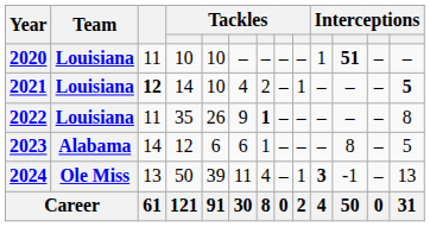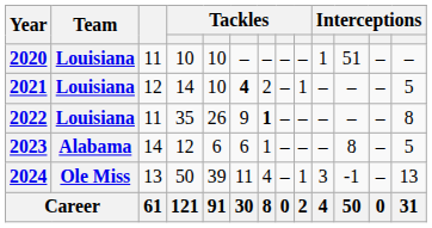 <table class="wikitable" style="text-align:center;">
 <tr>
 <th rowspan="2">Year</th>
 <th rowspan="2">Team</th>
 <th rowspan="2"></th>
 <th colspan="6">Tackles</th>
 <th colspan="5">Interceptions</th>
 </tr>
 <tr>
 <th></th>
 <th></th>
 <th></th>
 <th></th>
 <th></th>
 <th></th>
 <th></th>
 <th></th>
 <th></th>
 <th></th>
 </tr>
 <tr>
 <th><a href='#'>2020</a></th>
 <th><a href='#'>Louisiana</a></th>
 <td>11</td>
 <td>10</td>
 <td>10</td>
 <td>–</td>
 <td>–</td>
 <td>–</td>
 <td>–</td>
 <td>1</td>
-<td><strong>51</strong></td>
+<td>51</td>
 <td>–</td>
 <td>–</td>
 </tr>
 <tr>
 <th><a href='#'>2021</a></th>
 <th><a href='#'>Louisiana</a></th>
-<td><strong>12</strong></td>
+<td>12</td>
 <td>14</td>
 <td>10</td>
-<td>4</td>
+<td><strong>4</strong></td>
 <td>2</td>
 <td>–</td>
 <td>1</td>
 <td>–</td>
 <td>–</td>
 <td>–</td>
-<td><strong>5</strong></td>
+<td>5</td>
 </tr>
 <tr>
 <th><a href='#'>2022</a></th>
 <th><a href='#'>Louisiana</a></th>
 <td>11</td>
 <td>35</td>
 <td>26</td>
 <td>9</td>
 <td><strong>1</strong></td>
 <td>–</td>
 <td>–</td>
 <td>–</td>
 <td>–</td>
 <td>–</td>
 <td>8</td>
 </tr>
 <tr>
 <th><a href='#'>2023</a></th>
 <th><a href='#'>Alabama</a></th>
 <td>14</td>
 <td>12</td>
 <td>6</td>
 <td>6</td>
 <td>1</td>
 <td>–</td>
 <td>–</td>
 <td>–</td>
 <td>8</td>
 <td>–</td>
 <td>5</td>
 </tr>
 <tr>
 <th><a href='#'>2024</a></th>
 <th><a href='#'>Ole Miss</a></th>
 <td>13</td>
 <td>50</td>
 <td>39</td>
 <td>11</td>
 <td>4</td>
 <td>–</td>
 <td>1</td>
-<td><strong>3</strong></td>
+<td>3</td>
 <td>-1</td>
 <td>–</td>
 <td>13</td>
 </tr>
 <tr>
 <th colspan="2">Career</th>
 <th>61</th>
 <th>121</th>
 <th>91</th>
 <th>30</th>
 <th>8</th>
 <th>0</th>
 <th>2</th>
 <th>4</th>
 <th>50</th>
 <th>0</th>
 <th>31</th>
 </tr>
 </table>
